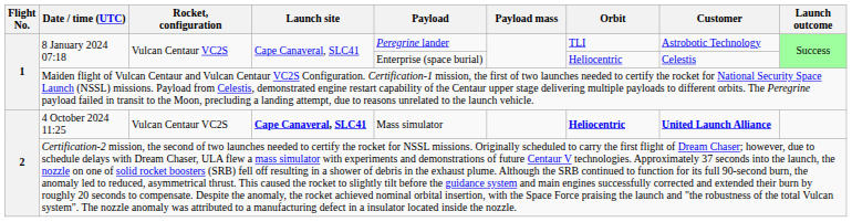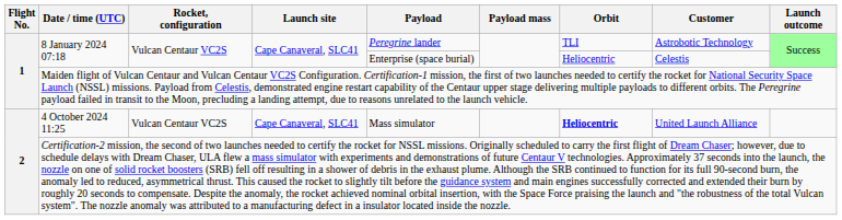 <table class="wikitable sticky-header">
 <tr>
 <th scope="col">Flight No.</th>
 <th scope="col">Date / time (<a href='#'>UTC</a>)</th>
 <th scope="col">Rocket,<br>configuration</th>
 <th scope="col">Launch site</th>
 <th scope="col">Payload</th>
 <th scope="col">Payload mass</th>
 <th scope="col">Orbit</th>
 <th scope="col">Customer</th>
 <th scope="col">Launch<br>outcome</th>
 </tr>
 <tr>
 <th scope="row" rowspan=3 style="text-align:center;">1</th>
 <td rowspan=2>8 January 2024<br>07:18</td>
 <td rowspan=2>Vulcan Centaur <a href='#'>VC2S</a></td>
 <td rowspan=2><a href='#'>Cape Canaveral</a>, <a href='#'>SLC41</a></td>
 <td><a href='#'><em>Peregrine</em> lander</a></td>
 <td rowspan=2></td>
 <td><a href='#'>TLI</a></td>
 <td><a href='#'>Astrobotic Technology</a></td>
 <td style="background: #9EFF9E; vertical-align: middle; text-align: center" class="table-success"  rowspan=2>Success</td>
 </tr>
 <tr>
 <td>Enterprise (space burial)</td>
 <td><a href='#'>Heliocentric</a></td>
 <td><a href='#'>Celestis</a></td>
 </tr>
 <tr>
 <td colspan=8>Maiden flight of Vulcan Centaur and Vulcan Centaur <a href='#'>VC2S</a> Configuration. <em>Certification-1</em> mission, the first of two launches needed to certify the rocket for <a href='#'>National Security Space Launch</a> (NSSL) missions. Payload from <a href='#'>Celestis</a>, demonstrated engine restart capability of the Centaur upper stage delivering multiple payloads to different orbits. The <em>Peregrine</em> payload failed in transit to the Moon, precluding a landing attempt, due to reasons unrelated to the launch vehicle.</td>
 </tr>
 <tr>
 <th scope="row" rowspan=3 style="text-align:center;">2</th>
 <td rowspan=1>4 October 2024<br>11:25</td>
 <td>Vulcan Centaur VC2S</td>
-<td><strong><a href='#'>Cape Canaveral</a>, <a href='#'>SLC41</a></strong></td>
+<td><a href='#'>Cape Canaveral</a>, <a href='#'>SLC41</a></td>
 <td>Mass simulator</td>
 <td rowspan=1></td>
 <td><strong><a href='#'>Heliocentric</a></strong></td>
-<td><strong><a href='#'>United Launch Alliance</a></strong></td>
+<td><a href='#'>United Launch Alliance</a></td>
 <td></td>
 </tr>
 <tr>
 <td colspan=8><em>Certification-2</em> mission, the second of two launches needed to certify the rocket for NSSL missions. Originally scheduled to carry the first flight of <a href='#'>Dream Chaser</a>; however, due to schedule delays with Dream Chaser, ULA flew a <a href='#'>mass simulator</a> with experiments and demonstrations of future <a href='#'>Centaur V</a> technologies. Approximately 37 seconds into the launch, the <a href='#'>nozzle</a> on one of <a href='#'>solid rocket boosters</a> (SRB) fell off resulting in a shower of debris in the exhaust plume. Although the SRB continued to function for its full 90-second burn, the anomaly led to reduced, asymmetrical thrust. This caused the rocket to slightly tilt before the <a href='#'>guidance system</a> and main engines successfully corrected and extended their burn by roughly 20 seconds to compensate. Despite the anomaly, the rocket achieved nominal orbital insertion, with the Space Force praising the launch and "the robustness of the total Vulcan system". The nozzle anomaly was attributed to a manufacturing defect in a insulator located inside the nozzle.</td>
 </tr>
 </table>
